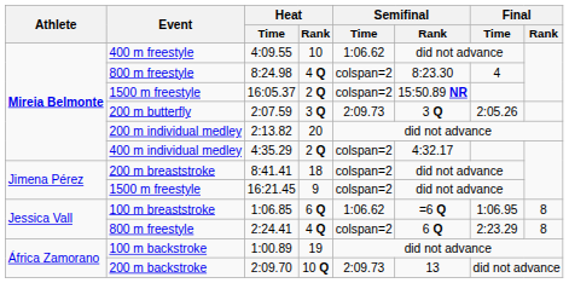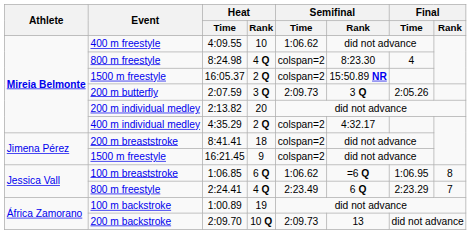 <table class=wikitable style="font-size:90%">
 <tr>
 <th rowspan="2">Athlete</th>
 <th rowspan="2">Event</th>
 <th colspan="2">Heat</th>
 <th colspan="2">Semifinal</th>
 <th colspan="2">Final</th>
 </tr>
 <tr style="font-size:95%">
 <th>Time</th>
 <th>Rank</th>
 <th>Time</th>
 <th>Rank</th>
 <th>Time</th>
 <th>Rank</th>
 </tr>
 <tr align=center>
 <td align=left rowspan=6><strong><a href='#'>Mireia Belmonte</a></strong></td>
 <td align=left><a href='#'>400 m freestyle</a></td>
 <td>4:09.55</td>
 <td>10</td>
 <td>1:06.62</td>
 <td colspan=2>did not advance</td>
 </tr>
 <tr align=center>
 <td align=left><a href='#'>800 m freestyle</a></td>
 <td>8:24.98</td>
 <td>4 <strong>Q</strong></td>
 <td>colspan=2 </td>
 <td>8:23.30</td>
 <td>4</td>
 </tr>
 <tr align=center>
 <td align=left><a href='#'>1500 m freestyle</a></td>
 <td>16:05.37</td>
 <td>2 <strong>Q</strong></td>
 <td>colspan=2 </td>
 <td>15:50.89 <strong><a href='#'>NR</a></strong></td>
 <td></td>
 </tr>
 <tr align=center>
 <td align=left><a href='#'>200 m butterfly</a></td>
 <td>2:07.59</td>
 <td>3 <strong>Q</strong></td>
 <td>2:09.73</td>
 <td>3 <strong>Q</strong></td>
 <td>2:05.26</td>
 <td></td>
 </tr>
 <tr align=center>
 <td align=left><a href='#'>200 m individual medley</a></td>
 <td>2:13.82</td>
 <td>20</td>
 <td colspan=4>did not advance</td>
 </tr>
 <tr align=center>
 <td align=left><a href='#'>400 m individual medley</a></td>
 <td>4:35.29</td>
 <td>2 <strong>Q</strong></td>
 <td>colspan=2 </td>
 <td>4:32.17</td>
 <td></td>
 </tr>
 <tr align=center>
 <td align=left rowspan=2><a href='#'>Jimena Pérez</a></td>
 <td align=left><a href='#'>200 m breaststroke</a></td>
 <td>8:41.41</td>
 <td>18</td>
 <td>colspan=2 </td>
 <td colspan=2>did not advance</td>
 </tr>
 <tr align=center>
 <td align=left><a href='#'>1500 m freestyle</a></td>
 <td>16:21.45</td>
 <td>9</td>
 <td>colspan=2 </td>
 <td colspan=2>did not advance</td>
 </tr>
 <tr align=center>
 <td align=left rowspan=2><a href='#'>Jessica Vall</a></td>
 <td align=left><a href='#'>100 m breaststroke</a></td>
 <td>1:06.85</td>
 <td>6 <strong>Q</strong></td>
 <td>1:06.62</td>
 <td>=6 <strong>Q</strong></td>
 <td>1:06.95</td>
 <td>8</td>
 </tr>
 <tr align=center>
 <td align=left><a href='#'>800 m freestyle</a></td>
 <td>2:24.41</td>
 <td>4 <strong>Q</strong></td>
-<td>colspan=2 </td>
+<td>2:23.49</td>
 <td>6 <strong>Q</strong></td>
 <td>2:23.29</td>
-<td>8</td>
+<td>7</td>
 </tr>
 <tr align=center>
 <td align=left rowspan=2><a href='#'>África Zamorano</a></td>
 <td align=left><a href='#'>100 m backstroke</a></td>
 <td>1:00.89</td>
 <td>19</td>
 <td colspan=4>did not advance</td>
 </tr>
 <tr align=center>
 <td align=left><a href='#'>200 m backstroke</a></td>
 <td>2:09.70</td>
 <td>10 <strong>Q</strong></td>
 <td>2:09.73</td>
 <td>13</td>
 <td colspan=2>did not advance</td>
 </tr>
 </table>
